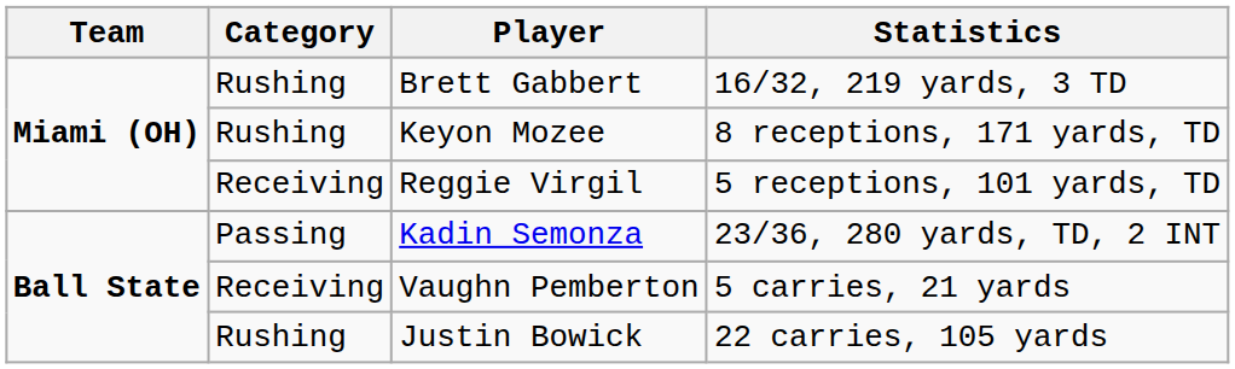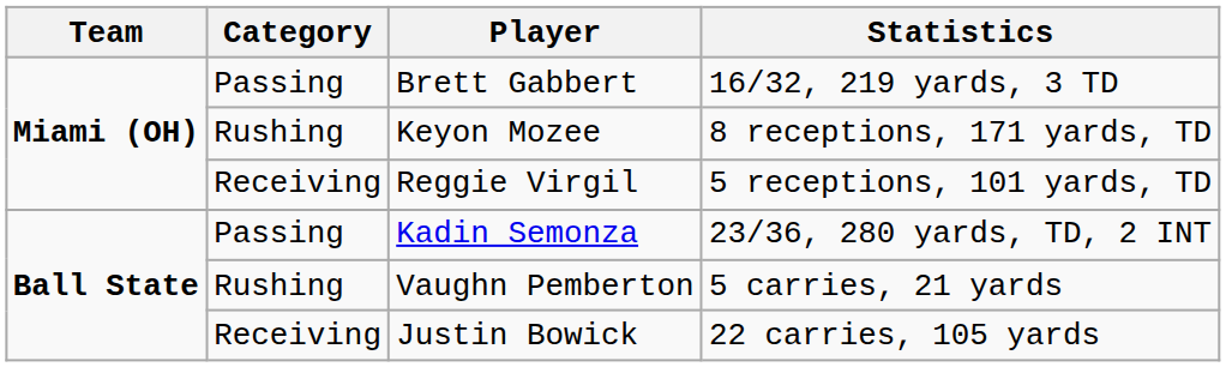 <table class="wikitable" style="float: right;">
 <tr>
 <th>Team</th>
 <th>Category</th>
 <th>Player</th>
 <th>Statistics</th>
 </tr>
 <tr>
 <td rowspan=3><strong>Miami (OH)</strong></td>
-<td>Rushing</td>
+<td>Passing</td>
 <td>Brett Gabbert</td>
 <td>16/32, 219 yards, 3 TD</td>
 </tr>
 <tr>
 <td>Rushing</td>
 <td>Keyon Mozee</td>
 <td>8 receptions, 171 yards, TD</td>
 </tr>
 <tr>
 <td>Receiving</td>
 <td>Reggie Virgil</td>
 <td>5 receptions, 101 yards, TD</td>
 </tr>
 <tr>
 <td rowspan=3><strong>Ball State</strong></td>
 <td>Passing</td>
 <td><a href='#'>Kadin Semonza</a></td>
 <td>23/36, 280 yards, TD, 2 INT</td>
 </tr>
 <tr>
-<td>Receiving</td>
+<td>Rushing</td>
 <td>Vaughn Pemberton</td>
 <td>5 carries, 21 yards</td>
 </tr>
 <tr>
-<td>Rushing</td>
+<td>Receiving</td>
 <td>Justin Bowick</td>
 <td>22 carries, 105 yards</td>
 </tr>
 </table>
